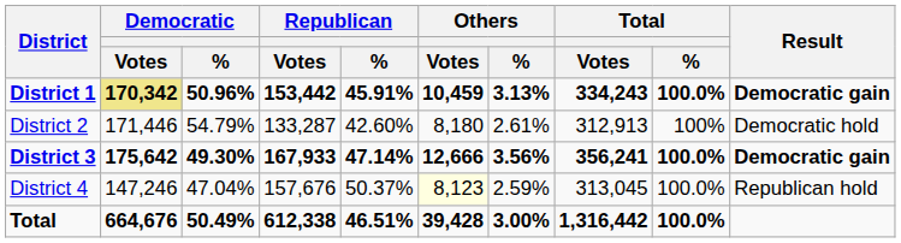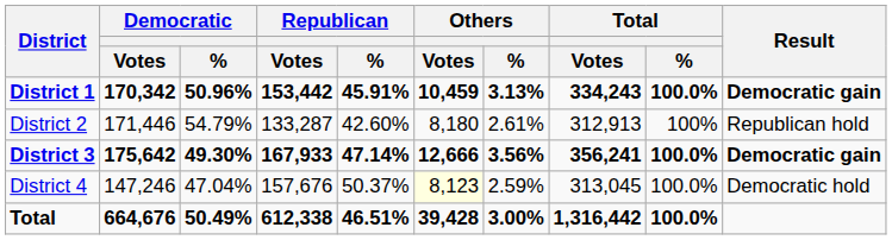 <table class="wikitable plainrowheaders sortable" style="font-size:100%; text-align:right;">
 <tr>
 <th scope=col rowspan=3><a href='#'>District</a></th>
 <th scope=col colspan=2><a href='#'>Democratic</a></th>
 <th scope=col colspan=2><a href='#'>Republican</a></th>
 <th scope=col colspan=2>Others</th>
 <th scope=col colspan=2>Total</th>
 <th scope=col rowspan=3>Result</th>
 </tr>
 <tr>
 <th scope=col colspan=2 style="background:"></th>
 <th scope=col colspan=2 style="background:"></th>
 <th scope=col colspan=2></th>
 <th scope=col colspan=2></th>
 </tr>
 <tr>
 <th scope=col data-sort-type="number">Votes</th>
 <th scope=col data-sort-type="number">%</th>
 <th scope=col data-sort-type="number">Votes</th>
 <th scope=col data-sort-type="number">%</th>
 <th scope=col data-sort-type="number">Votes</th>
 <th scope=col data-sort-type="number">%</th>
 <th scope=col data-sort-type="number">Votes</th>
 <th scope=col data-sort-type="number">%</th>
 </tr>
 <tr>
 <td align=left><strong><a href='#'>District 1</a></strong></td>
-<td style="background: khaki;"><strong>170,342</strong></td>
+<td><strong>170,342</strong></td>
 <td><strong>50.96%</strong></td>
 <td><strong>153,442</strong></td>
 <td><strong>45.91%</strong></td>
 <td><strong>10,459</strong></td>
 <td><strong>3.13%</strong></td>
 <td><strong>334,243</strong></td>
 <td><strong>100.0%</strong></td>
 <td align=left><strong>Democratic gain</strong></td>
 </tr>
 <tr>
 <td align=left><a href='#'>District 2</a></td>
 <td>171,446</td>
 <td>54.79%</td>
 <td>133,287</td>
 <td>42.60%</td>
 <td>8,180</td>
 <td>2.61%</td>
 <td>312,913</td>
 <td>100%</td>
-<td align=left>Democratic hold</td>
+<td align=left>Republican hold</td>
 </tr>
 <tr>
 <td align=left><strong><a href='#'>District 3</a></strong></td>
 <td><strong>175,642</strong></td>
 <td><strong>49.30%</strong></td>
 <td><strong>167,933</strong></td>
 <td><strong>47.14%</strong></td>
 <td><strong>12,666</strong></td>
 <td><strong>3.56%</strong></td>
 <td><strong>356,241</strong></td>
 <td><strong>100.0%</strong></td>
 <td align=left><strong>Democratic gain</strong></td>
 </tr>
 <tr>
 <td align=left><a href='#'>District 4</a></td>
 <td>147,246</td>
 <td>47.04%</td>
 <td>157,676</td>
 <td>50.37%</td>
 <td style="background: lightyellow;">8,123</td>
 <td>2.59%</td>
 <td>313,045</td>
 <td>100.0%</td>
-<td align=left>Republican hold</td>
+<td align=left>Democratic hold</td>
 </tr>
 <tr class="sortbottom" style="font-weight:bold">
 <td align=left>Total</td>
 <td>664,676</td>
 <td>50.49%</td>
 <td>612,338</td>
 <td>46.51%</td>
 <td>39,428</td>
 <td>3.00%</td>
 <td>1,316,442</td>
 <td>100.0%</td>
 <td></td>
 </tr>
 </table>
